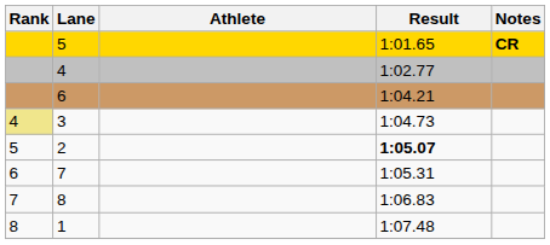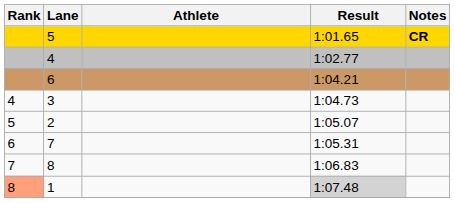 <table class="wikitable" style="font-size:95%" style="width:35em;" style="text-align:center">
 <tr>
 <th>Rank</th>
 <th>Lane</th>
 <th width=250>Athlete</th>
 <th width=100>Result</th>
 <th>Notes</th>
 </tr>
 <tr bgcolor=gold>
 <td></td>
 <td>5</td>
 <td align=left></td>
 <td>1:01.65</td>
 <td><strong>CR</strong></td>
 </tr>
 <tr bgcolor=silver>
 <td></td>
 <td>4</td>
 <td align=left></td>
 <td>1:02.77</td>
 <td></td>
 </tr>
 <tr bgcolor=cc9966>
 <td></td>
 <td>6</td>
 <td align=left></td>
 <td>1:04.21</td>
 <td></td>
 </tr>
 <tr>
-<td style="background: khaki;">4</td>
+<td>4</td>
 <td>3</td>
 <td align=left></td>
 <td>1:04.73</td>
 <td></td>
 </tr>
 <tr>
 <td>5</td>
 <td>2</td>
 <td align=left></td>
-<td><strong>1:05.07</strong></td>
+<td>1:05.07</td>
 <td></td>
 </tr>
 <tr>
 <td>6</td>
 <td>7</td>
 <td align=left></td>
 <td>1:05.31</td>
 <td></td>
 </tr>
 <tr>
 <td>7</td>
 <td>8</td>
 <td align=left></td>
 <td>1:06.83</td>
 <td></td>
 </tr>
 <tr>
-<td>8</td>
+<td style="background: lightsalmon;">8</td>
 <td>1</td>
 <td align=left></td>
-<td>1:07.48</td>
+<td style="background: lightgrey;">1:07.48</td>
 <td></td>
 </tr>
 <tr>
 </tr>
 </table>
